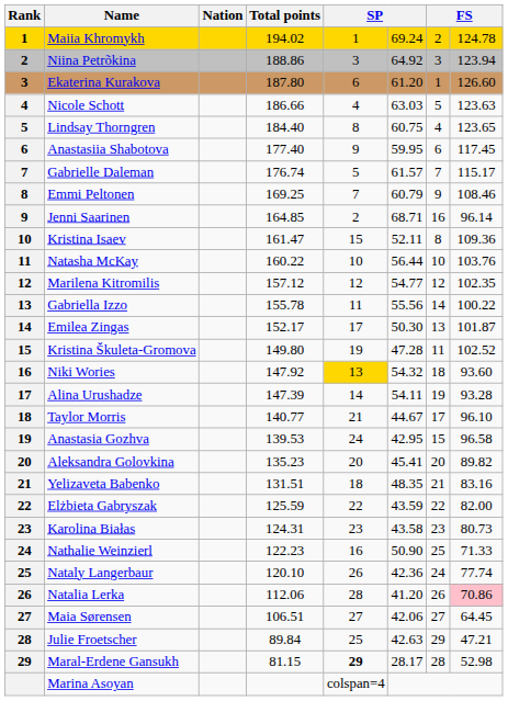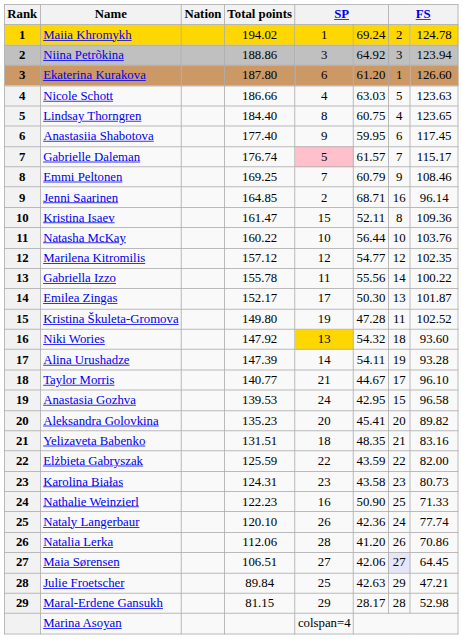 <table class="wikitable sortable">
 <tr>
 <th>Rank</th>
 <th>Name</th>
 <th>Nation</th>
 <th>Total points</th>
 <th colspan="2" width="80px"><a href='#'>SP</a></th>
 <th colspan="2" width="80px"><a href='#'>FS</a></th>
 </tr>
 <tr bgcolor="gold">
 <td align="center"><strong>1</strong></td>
 <td><a href='#'>Maiia Khromykh</a></td>
 <td></td>
 <td align="center">194.02</td>
 <td align="center">1</td>
 <td align="center">69.24</td>
 <td align="center">2</td>
 <td align="center">124.78</td>
 </tr>
 <tr bgcolor="silver">
 <td align="center"><strong>2</strong></td>
 <td><a href='#'>Niina Petrõkina</a></td>
 <td></td>
 <td align="center">188.86</td>
 <td align="center">3</td>
 <td align="center">64.92</td>
 <td align="center">3</td>
 <td align="center">123.94</td>
 </tr>
 <tr bgcolor="cc9966">
 <td align="center"><strong>3</strong></td>
 <td><a href='#'>Ekaterina Kurakova</a></td>
 <td></td>
 <td align="center">187.80</td>
 <td align="center">6</td>
 <td align="center">61.20</td>
 <td align="center">1</td>
 <td align="center">126.60</td>
 </tr>
 <tr>
 <th>4</th>
 <td><a href='#'>Nicole Schott</a></td>
 <td></td>
 <td align="center">186.66</td>
 <td align="center">4</td>
 <td align="center">63.03</td>
 <td align="center">5</td>
 <td align="center">123.63</td>
 </tr>
 <tr>
 <th>5</th>
 <td><a href='#'>Lindsay Thorngren</a></td>
 <td></td>
 <td align="center">184.40</td>
 <td align="center">8</td>
 <td align="center">60.75</td>
 <td align="center">4</td>
 <td align="center">123.65</td>
 </tr>
 <tr>
 <th>6</th>
 <td><a href='#'>Anastasiia Shabotova</a></td>
 <td></td>
 <td align="center">177.40</td>
 <td align="center">9</td>
 <td align="center">59.95</td>
 <td align="center">6</td>
 <td align="center">117.45</td>
 </tr>
 <tr>
 <th>7</th>
 <td><a href='#'>Gabrielle Daleman</a></td>
 <td></td>
 <td align="center">176.74</td>
-<td align="center">5</td>
+<td align="center" style="background: pink;">5</td>
 <td align="center">61.57</td>
 <td align="center">7</td>
 <td align="center">115.17</td>
 </tr>
 <tr>
 <th>8</th>
 <td><a href='#'>Emmi Peltonen</a></td>
 <td></td>
 <td align="center">169.25</td>
 <td align="center">7</td>
 <td align="center">60.79</td>
 <td align="center">9</td>
 <td align="center">108.46</td>
 </tr>
 <tr>
 <th>9</th>
 <td><a href='#'>Jenni Saarinen</a></td>
 <td></td>
 <td align="center">164.85</td>
 <td align="center">2</td>
 <td align="center">68.71</td>
 <td align="center">16</td>
 <td align="center">96.14</td>
 </tr>
 <tr>
 <th>10</th>
 <td><a href='#'>Kristina Isaev</a></td>
 <td></td>
 <td align="center">161.47</td>
 <td align="center">15</td>
 <td align="center">52.11</td>
 <td align="center">8</td>
 <td align="center">109.36</td>
 </tr>
 <tr>
 <th>11</th>
 <td><a href='#'>Natasha McKay</a></td>
 <td></td>
 <td align="center">160.22</td>
 <td align="center">10</td>
 <td align="center">56.44</td>
 <td align="center">10</td>
 <td align="center">103.76</td>
 </tr>
 <tr>
 <th>12</th>
 <td><a href='#'>Marilena Kitromilis</a></td>
 <td></td>
 <td align="center">157.12</td>
 <td align="center">12</td>
 <td align="center">54.77</td>
 <td align="center">12</td>
 <td align="center">102.35</td>
 </tr>
 <tr>
 <th>13</th>
 <td><a href='#'>Gabriella Izzo</a></td>
 <td></td>
 <td align="center">155.78</td>
 <td align="center">11</td>
 <td align="center">55.56</td>
 <td align="center">14</td>
 <td align="center">100.22</td>
 </tr>
 <tr>
 <th>14</th>
 <td><a href='#'>Emilea Zingas</a></td>
 <td></td>
 <td align="center">152.17</td>
 <td align="center">17</td>
 <td align="center">50.30</td>
 <td align="center">13</td>
 <td align="center">101.87</td>
 </tr>
 <tr>
 <th>15</th>
 <td><a href='#'>Kristina Škuleta-Gromova</a></td>
 <td></td>
 <td align="center">149.80</td>
 <td align="center">19</td>
 <td align="center">47.28</td>
 <td align="center">11</td>
 <td align="center">102.52</td>
 </tr>
 <tr>
 <th>16</th>
 <td><a href='#'>Niki Wories</a></td>
 <td></td>
 <td align="center">147.92</td>
 <td align="center" style="background: gold;">13</td>
 <td align="center">54.32</td>
 <td align="center">18</td>
 <td align="center">93.60</td>
 </tr>
 <tr>
 <th>17</th>
 <td><a href='#'>Alina Urushadze</a></td>
 <td></td>
 <td align="center">147.39</td>
 <td align="center">14</td>
 <td align="center">54.11</td>
 <td align="center">19</td>
 <td align="center">93.28</td>
 </tr>
 <tr>
 <th>18</th>
 <td><a href='#'>Taylor Morris</a></td>
 <td></td>
 <td align="center">140.77</td>
 <td align="center">21</td>
 <td align="center">44.67</td>
 <td align="center">17</td>
 <td align="center">96.10</td>
 </tr>
 <tr>
 <th>19</th>
 <td><a href='#'>Anastasia Gozhva</a></td>
 <td></td>
 <td align="center">139.53</td>
 <td align="center">24</td>
 <td align="center">42.95</td>
 <td align="center">15</td>
 <td align="center">96.58</td>
 </tr>
 <tr>
 <th>20</th>
 <td><a href='#'>Aleksandra Golovkina</a></td>
 <td></td>
 <td align="center">135.23</td>
 <td align="center">20</td>
 <td align="center">45.41</td>
 <td align="center">20</td>
 <td align="center">89.82</td>
 </tr>
 <tr>
 <th>21</th>
 <td><a href='#'>Yelizaveta Babenko</a></td>
 <td></td>
 <td align="center">131.51</td>
 <td align="center">18</td>
 <td align="center">48.35</td>
 <td align="center">21</td>
 <td align="center">83.16</td>
 </tr>
 <tr>
 <th>22</th>
 <td><a href='#'>Elżbieta Gabryszak</a></td>
 <td></td>
 <td align="center">125.59</td>
 <td align="center">22</td>
 <td align="center">43.59</td>
 <td align="center">22</td>
 <td align="center">82.00</td>
 </tr>
 <tr>
 <th>23</th>
 <td><a href='#'>Karolina Białas</a></td>
 <td></td>
 <td align="center">124.31</td>
 <td align="center">23</td>
 <td align="center">43.58</td>
 <td align="center">23</td>
 <td align="center">80.73</td>
 </tr>
 <tr>
 <th>24</th>
 <td><a href='#'>Nathalie Weinzierl</a></td>
 <td></td>
 <td align="center">122.23</td>
 <td align="center">16</td>
 <td align="center">50.90</td>
 <td align="center">25</td>
 <td align="center">71.33</td>
 </tr>
 <tr>
 <th>25</th>
 <td><a href='#'>Nataly Langerbaur</a></td>
 <td></td>
 <td align="center">120.10</td>
 <td align="center">26</td>
 <td align="center">42.36</td>
 <td align="center">24</td>
 <td align="center">77.74</td>
 </tr>
 <tr>
 <th>26</th>
 <td><a href='#'>Natalia Lerka</a></td>
 <td></td>
 <td align="center">112.06</td>
 <td align="center">28</td>
 <td align="center">41.20</td>
 <td align="center">26</td>
-<td align="center" style="background: pink;">70.86</td>
+<td align="center">70.86</td>
 </tr>
 <tr>
 <th>27</th>
 <td><a href='#'>Maia Sørensen</a></td>
 <td></td>
 <td align="center">106.51</td>
 <td align="center">27</td>
 <td align="center">42.06</td>
-<td align="center">27</td>
+<td align="center" style="background: lavender;">27</td>
 <td align="center">64.45</td>
 </tr>
 <tr>
 <th>28</th>
 <td><a href='#'>Julie Froetscher</a></td>
 <td></td>
 <td align="center">89.84</td>
 <td align="center">25</td>
 <td align="center">42.63</td>
 <td align="center">29</td>
 <td align="center">47.21</td>
 </tr>
 <tr>
 <th>29</th>
 <td><a href='#'>Maral-Erdene Gansukh</a></td>
 <td></td>
 <td align="center">81.15</td>
-<td align="center"><strong>29</strong></td>
+<td align="center">29</td>
 <td align="center">28.17</td>
 <td align="center">28</td>
 <td align="center">52.98</td>
 </tr>
 <tr>
 <th></th>
 <td><a href='#'>Marina Asoyan</a></td>
 <td></td>
 <td></td>
 <td>colspan=4 </td>
 </tr>
 </table>
